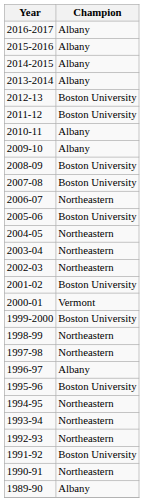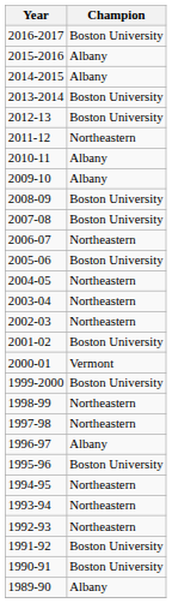 <table class="wikitable sortable">
 <tr>
 <th>Year</th>
 <th>Champion</th>
 </tr>
 <tr>
 <td>2016-2017</td>
-<td>Albany</td>
+<td>Boston University</td>
 </tr>
 <tr>
 <td>2015-2016</td>
 <td>Albany</td>
 </tr>
 <tr>
 <td>2014-2015</td>
 <td>Albany</td>
 </tr>
 <tr>
 <td>2013-2014</td>
-<td>Albany</td>
+<td>Boston University</td>
 </tr>
 <tr>
 <td>2012-13</td>
 <td>Boston University</td>
 </tr>
 <tr>
 <td>2011-12</td>
-<td>Boston University</td>
+<td>Northeastern</td>
 </tr>
 <tr>
 <td>2010-11</td>
 <td>Albany</td>
 </tr>
 <tr>
 <td>2009-10</td>
 <td>Albany</td>
 </tr>
 <tr>
 <td>2008-09</td>
 <td>Boston University</td>
 </tr>
 <tr>
 <td>2007-08</td>
 <td>Boston University</td>
 </tr>
 <tr>
 <td>2006-07</td>
 <td>Northeastern</td>
 </tr>
 <tr>
 <td>2005-06</td>
 <td>Boston University</td>
 </tr>
 <tr>
 <td>2004-05</td>
 <td>Northeastern</td>
 </tr>
 <tr>
 <td>2003-04</td>
 <td>Northeastern</td>
 </tr>
 <tr>
 <td>2002-03</td>
 <td>Northeastern</td>
 </tr>
 <tr>
 <td>2001-02</td>
 <td>Boston University</td>
 </tr>
 <tr>
 <td>2000-01</td>
 <td>Vermont</td>
 </tr>
 <tr>
 <td>1999-2000</td>
 <td>Boston University</td>
 </tr>
 <tr>
 <td>1998-99</td>
 <td>Northeastern</td>
 </tr>
 <tr>
 <td>1997-98</td>
 <td>Northeastern</td>
 </tr>
 <tr>
 <td>1996-97</td>
 <td>Albany</td>
 </tr>
 <tr>
 <td>1995-96</td>
 <td>Boston University</td>
 </tr>
 <tr>
 <td>1994-95</td>
 <td>Northeastern</td>
 </tr>
 <tr>
 <td>1993-94</td>
 <td>Northeastern</td>
 </tr>
 <tr>
 <td>1992-93</td>
 <td>Northeastern</td>
 </tr>
 <tr>
 <td>1991-92</td>
 <td>Boston University</td>
 </tr>
 <tr>
 <td>1990-91</td>
-<td>Northeastern</td>
+<td>Boston University</td>
 </tr>
 <tr>
 <td>1989-90</td>
 <td>Albany</td>
 </tr>
 <tr>
 </tr>
 </table>
